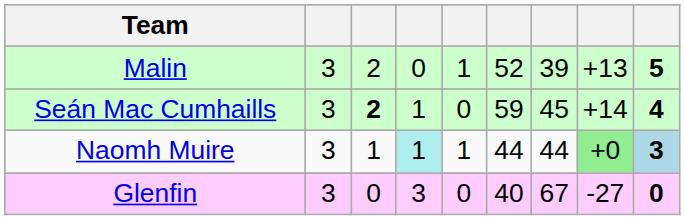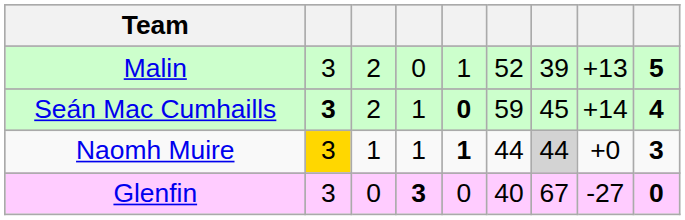 <table class="wikitable" style="text-align:center">
 <tr>
 <th style="width:175px;">Team</th>
 <th width="20"></th>
 <th width="20"></th>
 <th width="20"></th>
 <th width="20"></th>
 <th width="20"></th>
 <th width="20"></th>
 <th width="20"></th>
 <th width="20"></th>
 </tr>
 <tr style="background:#cfc;">
 <td><a href='#'>Malin</a></td>
 <td>3</td>
 <td>2</td>
 <td>0</td>
 <td>1</td>
 <td>52</td>
 <td>39</td>
 <td>+13</td>
 <td><strong>5</strong></td>
 </tr>
 <tr style="background:#cfc;">
 <td><a href='#'>Seán Mac Cumhaills</a></td>
-<td>3</td>
-<td><strong>2</strong></td>
+<td><strong>3</strong></td>
+<td>2</td>
 <td>1</td>
-<td>0</td>
+<td><strong>0</strong></td>
 <td>59</td>
 <td>45</td>
 <td>+14</td>
 <td><strong>4</strong></td>
 </tr>
 <tr>
 <td><a href='#'>Naomh Muire</a></td>
-<td>3</td>
+<td style="background: gold;">3</td>
 <td>1</td>
-<td style="background: paleturquoise;">1</td>
 <td>1</td>
+<td><strong>1</strong></td>
 <td>44</td>
-<td>44</td>
-<td style="background: lightgreen;">+0</td>
-<td style="background: lightblue;"><strong>3</strong></td>
+<td style="background: lightgrey;">44</td>
+<td>+0</td>
+<td><strong>3</strong></td>
 </tr>
 <tr style="background:#fcf;">
 <td><a href='#'>Glenfin</a></td>
 <td>3</td>
 <td>0</td>
-<td>3</td>
+<td><strong>3</strong></td>
 <td>0</td>
 <td>40</td>
 <td>67</td>
 <td>-27</td>
 <td><strong>0</strong></td>
 </tr>
 </table>
